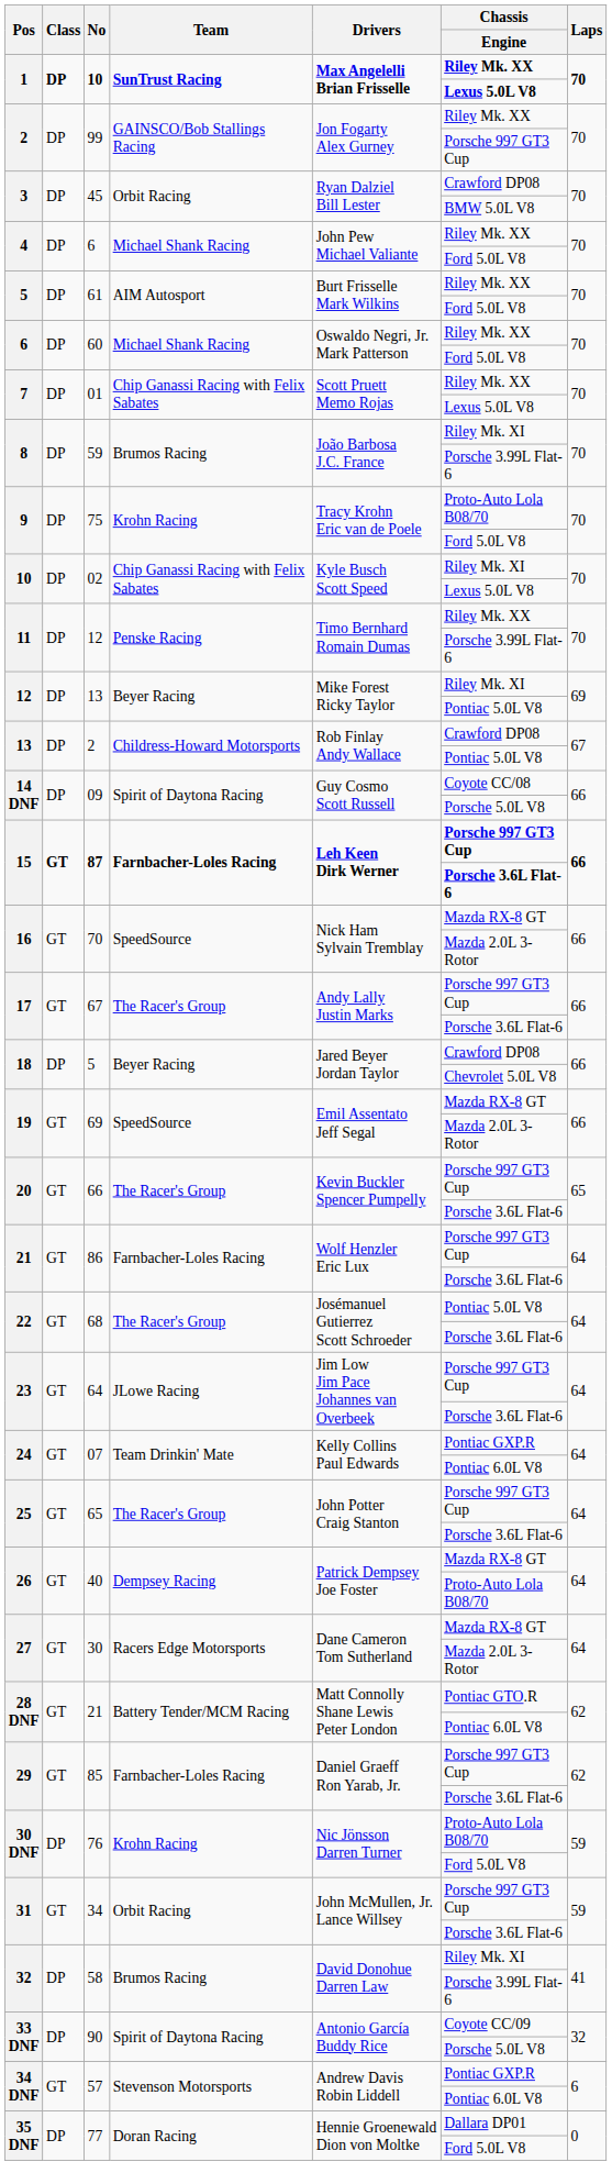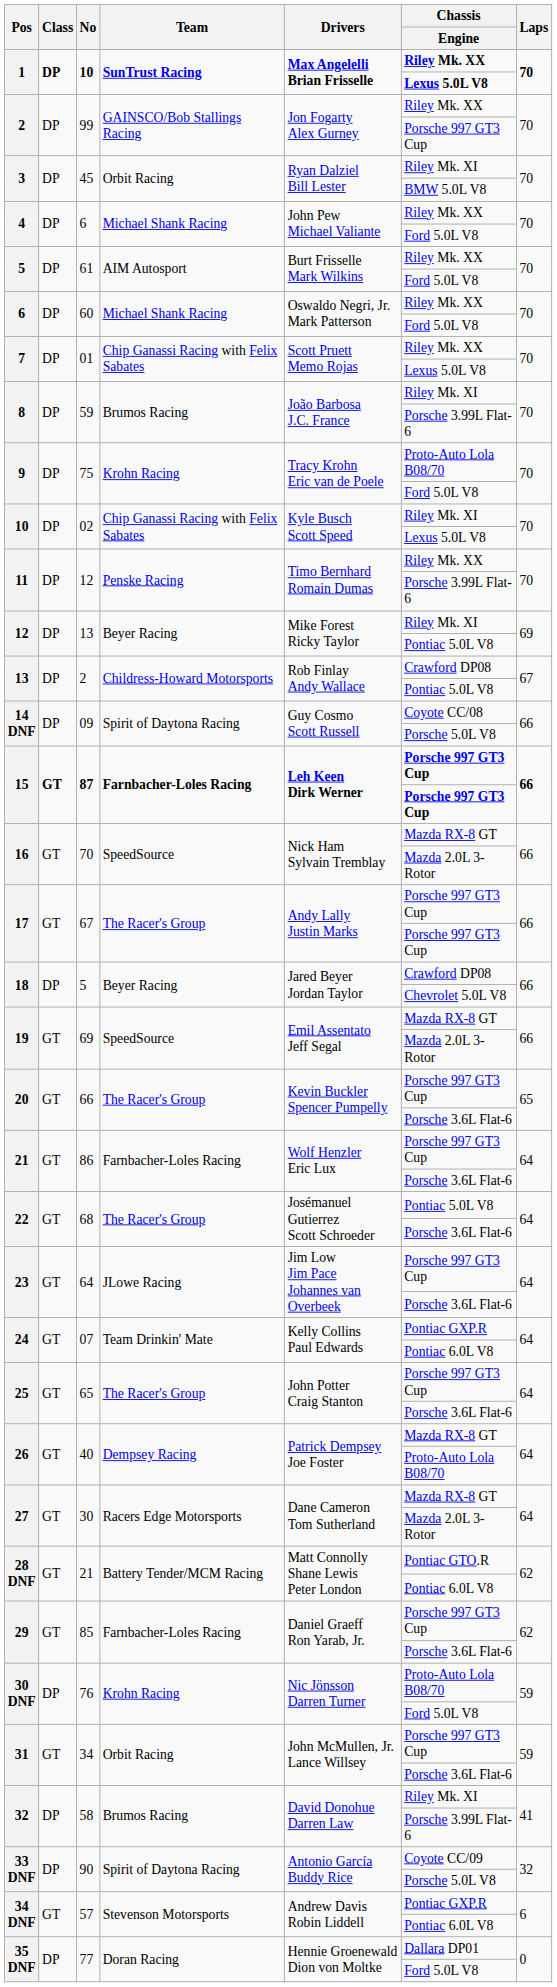 <table class="wikitable" style="font-size: 95%;">
 <tr>
 <th rowspan=2>Pos</th>
 <th rowspan=2>Class</th>
 <th rowspan=2>No</th>
 <th rowspan=2>Team</th>
 <th rowspan=2>Drivers</th>
 <th>Chassis</th>
 <th rowspan=2>Laps</th>
 </tr>
 <tr>
 <th>Engine</th>
 </tr>
 <tr style="font-weight:bold">
 <th rowspan=2>1</th>
 <td rowspan=2>DP</td>
 <td rowspan=2>10</td>
 <td rowspan=2><a href='#'>SunTrust Racing</a></td>
 <td rowspan=2> <a href='#'>Max Angelelli</a><br> Brian Frisselle</td>
 <td><a href='#'>Riley</a> Mk. XX</td>
 <td rowspan=2>70</td>
 </tr>
 <tr style="font-weight:bold">
 <td><a href='#'>Lexus</a> 5.0L V8</td>
 </tr>
 <tr>
 <th rowspan=2>2</th>
 <td rowspan=2>DP</td>
 <td rowspan=2>99</td>
 <td rowspan=2><a href='#'>GAINSCO/Bob Stallings Racing</a></td>
 <td rowspan=2> <a href='#'>Jon Fogarty</a><br> <a href='#'>Alex Gurney</a></td>
 <td><a href='#'>Riley</a> Mk. XX</td>
 <td rowspan=2>70</td>
 </tr>
 <tr>
 <td><a href='#'>Porsche 997 GT3</a> Cup</td>
 </tr>
 <tr>
 <th rowspan=2>3</th>
 <td rowspan=2>DP</td>
 <td rowspan=2>45</td>
 <td rowspan=2>Orbit Racing</td>
 <td rowspan=2> <a href='#'>Ryan Dalziel</a><br> <a href='#'>Bill Lester</a></td>
-<td><a href='#'>Crawford</a> DP08</td>
+<td><a href='#'>Riley</a> Mk. XI</td>
 <td rowspan=2>70</td>
 </tr>
 <tr>
 <td><a href='#'>BMW</a> 5.0L V8</td>
 </tr>
 <tr>
 <th rowspan=2>4</th>
 <td rowspan=2>DP</td>
 <td rowspan=2>6</td>
 <td rowspan=2><a href='#'>Michael Shank Racing</a></td>
 <td rowspan=2> John Pew<br> <a href='#'>Michael Valiante</a></td>
 <td><a href='#'>Riley</a> Mk. XX</td>
 <td rowspan=2>70</td>
 </tr>
 <tr>
 <td><a href='#'>Ford</a> 5.0L V8</td>
 </tr>
 <tr>
 <th rowspan=2>5</th>
 <td rowspan=2>DP</td>
 <td rowspan=2>61</td>
 <td rowspan=2>AIM Autosport</td>
 <td rowspan=2> Burt Frisselle<br> <a href='#'>Mark Wilkins</a></td>
 <td><a href='#'>Riley</a> Mk. XX</td>
 <td rowspan=2>70</td>
 </tr>
 <tr>
 <td><a href='#'>Ford</a> 5.0L V8</td>
 </tr>
 <tr>
 <th rowspan=2>6</th>
 <td rowspan=2>DP</td>
 <td rowspan=2>60</td>
 <td rowspan=2><a href='#'>Michael Shank Racing</a></td>
 <td rowspan=2> Oswaldo Negri, Jr.<br> Mark Patterson</td>
 <td><a href='#'>Riley</a> Mk. XX</td>
 <td rowspan=2>70</td>
 </tr>
 <tr>
 <td><a href='#'>Ford</a> 5.0L V8</td>
 </tr>
 <tr>
 <th rowspan=2>7</th>
 <td rowspan=2>DP</td>
 <td rowspan=2>01</td>
 <td rowspan=2><a href='#'>Chip Ganassi Racing</a> with <a href='#'>Felix Sabates</a></td>
 <td rowspan=2> <a href='#'>Scott Pruett</a><br> <a href='#'>Memo Rojas</a></td>
 <td><a href='#'>Riley</a> Mk. XX</td>
 <td rowspan=2>70</td>
 </tr>
 <tr>
 <td><a href='#'>Lexus</a> 5.0L V8</td>
 </tr>
 <tr>
 <th rowspan=2>8</th>
 <td rowspan=2>DP</td>
 <td rowspan=2>59</td>
 <td rowspan=2>Brumos Racing</td>
 <td rowspan=2> <a href='#'>João Barbosa</a><br> <a href='#'>J.C. France</a></td>
 <td><a href='#'>Riley</a> Mk. XI</td>
 <td rowspan=2>70</td>
 </tr>
 <tr>
 <td><a href='#'>Porsche</a> 3.99L Flat-6</td>
 </tr>
 <tr>
 <th rowspan=2>9</th>
 <td rowspan=2>DP</td>
 <td rowspan=2>75</td>
 <td rowspan=2><a href='#'>Krohn Racing</a></td>
 <td rowspan=2> <a href='#'>Tracy Krohn</a><br> <a href='#'>Eric van de Poele</a></td>
 <td><a href='#'>Proto-Auto Lola B08/70</a></td>
 <td rowspan=2>70</td>
 </tr>
 <tr>
 <td><a href='#'>Ford</a> 5.0L V8</td>
 </tr>
 <tr>
 <th rowspan=2>10</th>
 <td rowspan=2>DP</td>
 <td rowspan=2>02</td>
 <td rowspan=2><a href='#'>Chip Ganassi Racing</a> with <a href='#'>Felix Sabates</a></td>
 <td rowspan=2> <a href='#'>Kyle Busch</a><br> <a href='#'>Scott Speed</a></td>
 <td><a href='#'>Riley</a> Mk. XI</td>
 <td rowspan=2>70</td>
 </tr>
 <tr>
 <td><a href='#'>Lexus</a> 5.0L V8</td>
 </tr>
 <tr>
 <th rowspan=2>11</th>
 <td rowspan=2>DP</td>
 <td rowspan=2>12</td>
 <td rowspan=2><a href='#'>Penske Racing</a></td>
 <td rowspan=2> <a href='#'>Timo Bernhard</a><br> <a href='#'>Romain Dumas</a></td>
 <td><a href='#'>Riley</a> Mk. XX</td>
 <td rowspan=2>70</td>
 </tr>
 <tr>
 <td><a href='#'>Porsche</a> 3.99L Flat-6</td>
 </tr>
 <tr>
 <th rowspan=2>12</th>
 <td rowspan=2>DP</td>
 <td rowspan=2>13</td>
 <td rowspan=2>Beyer Racing</td>
 <td rowspan=2> Mike Forest<br> Ricky Taylor</td>
 <td><a href='#'>Riley</a> Mk. XI</td>
 <td rowspan=2>69</td>
 </tr>
 <tr>
 <td><a href='#'>Pontiac</a> 5.0L V8</td>
 </tr>
 <tr>
 <th rowspan=2>13</th>
 <td rowspan=2>DP</td>
 <td rowspan=2>2</td>
 <td rowspan=2><a href='#'>Childress-Howard Motorsports</a></td>
 <td rowspan=2> Rob Finlay<br> <a href='#'>Andy Wallace</a></td>
 <td><a href='#'>Crawford</a> DP08</td>
 <td rowspan=2>67</td>
 </tr>
 <tr>
 <td><a href='#'>Pontiac</a> 5.0L V8</td>
 </tr>
 <tr>
 <th rowspan=2>14<br>DNF</th>
 <td rowspan=2>DP</td>
 <td rowspan=2>09</td>
 <td rowspan=2>Spirit of Daytona Racing</td>
 <td rowspan=2> Guy Cosmo<br> <a href='#'>Scott Russell</a></td>
 <td><a href='#'>Coyote</a> CC/08</td>
 <td rowspan=2>66</td>
 </tr>
 <tr>
 <td><a href='#'>Porsche</a> 5.0L V8</td>
 </tr>
 <tr style="font-weight:bold">
 <th rowspan=2>15</th>
 <td rowspan=2>GT</td>
 <td rowspan=2>87</td>
 <td rowspan=2>Farnbacher-Loles Racing</td>
 <td rowspan=2> <a href='#'>Leh Keen</a><br> Dirk Werner</td>
 <td><a href='#'>Porsche 997 GT3</a> Cup</td>
 <td rowspan=2>66</td>
 </tr>
 <tr style="font-weight:bold">
-<td><a href='#'>Porsche</a> 3.6L Flat-6</td>
+<td><a href='#'>Porsche 997 GT3</a> Cup</td>
 </tr>
 <tr>
 <th rowspan=2>16</th>
 <td rowspan=2>GT</td>
 <td rowspan=2>70</td>
 <td rowspan=2>SpeedSource</td>
 <td rowspan=2> Nick Ham<br> Sylvain Tremblay</td>
 <td><a href='#'>Mazda RX-8</a> GT</td>
 <td rowspan=2>66</td>
 </tr>
 <tr>
 <td><a href='#'>Mazda</a> 2.0L 3-Rotor</td>
 </tr>
 <tr>
 <th rowspan=2>17</th>
 <td rowspan=2>GT</td>
 <td rowspan=2>67</td>
 <td rowspan=2><a href='#'>The Racer's Group</a></td>
 <td rowspan=2> <a href='#'>Andy Lally</a><br> <a href='#'>Justin Marks</a></td>
 <td><a href='#'>Porsche 997 GT3</a> Cup</td>
 <td rowspan=2>66</td>
 </tr>
 <tr>
-<td><a href='#'>Porsche</a> 3.6L Flat-6</td>
+<td><a href='#'>Porsche 997 GT3</a> Cup</td>
 </tr>
 <tr>
 <th rowspan=2>18</th>
 <td rowspan=2>DP</td>
 <td rowspan=2>5</td>
 <td rowspan=2>Beyer Racing</td>
 <td rowspan=2> Jared Beyer<br> Jordan Taylor</td>
 <td><a href='#'>Crawford</a> DP08</td>
 <td rowspan=2>66</td>
 </tr>
 <tr>
 <td><a href='#'>Chevrolet</a> 5.0L V8</td>
 </tr>
 <tr>
 <th rowspan=2>19</th>
 <td rowspan=2>GT</td>
 <td rowspan=2>69</td>
 <td rowspan=2>SpeedSource</td>
 <td rowspan=2> <a href='#'>Emil Assentato</a><br> Jeff Segal</td>
 <td><a href='#'>Mazda RX-8</a> GT</td>
 <td rowspan=2>66</td>
 </tr>
 <tr>
 <td><a href='#'>Mazda</a> 2.0L 3-Rotor</td>
 </tr>
 <tr>
 <th rowspan=2>20</th>
 <td rowspan=2>GT</td>
 <td rowspan=2>66</td>
 <td rowspan=2><a href='#'>The Racer's Group</a></td>
 <td rowspan=2> <a href='#'>Kevin Buckler</a><br> <a href='#'>Spencer Pumpelly</a></td>
 <td><a href='#'>Porsche 997 GT3</a> Cup</td>
 <td rowspan=2>65</td>
 </tr>
 <tr>
 <td><a href='#'>Porsche</a> 3.6L Flat-6</td>
 </tr>
 <tr>
 <th rowspan=2>21</th>
 <td rowspan=2>GT</td>
 <td rowspan=2>86</td>
 <td rowspan=2>Farnbacher-Loles Racing</td>
 <td rowspan=2> <a href='#'>Wolf Henzler</a><br> Eric Lux</td>
 <td><a href='#'>Porsche 997 GT3</a> Cup</td>
 <td rowspan=2>64</td>
 </tr>
 <tr>
 <td><a href='#'>Porsche</a> 3.6L Flat-6</td>
 </tr>
 <tr>
 <th rowspan=2>22</th>
 <td rowspan=2>GT</td>
 <td rowspan=2>68</td>
 <td rowspan=2><a href='#'>The Racer's Group</a></td>
 <td rowspan=2> Josémanuel Gutierrez<br> Scott Schroeder</td>
 <td><a href='#'>Pontiac</a> 5.0L V8</td>
 <td rowspan=2>64</td>
 </tr>
 <tr>
 <td><a href='#'>Porsche</a> 3.6L Flat-6</td>
 </tr>
 <tr>
 <th rowspan=2>23</th>
 <td rowspan=2>GT</td>
 <td rowspan=2>64</td>
 <td rowspan=2>JLowe Racing</td>
 <td rowspan=2> Jim Low<br> <a href='#'>Jim Pace</a><br> <a href='#'>Johannes van Overbeek</a></td>
 <td><a href='#'>Porsche 997 GT3</a> Cup</td>
 <td rowspan=2>64</td>
 </tr>
 <tr>
 <td><a href='#'>Porsche</a> 3.6L Flat-6</td>
 </tr>
 <tr>
 <th rowspan=2>24</th>
 <td rowspan=2>GT</td>
 <td rowspan=2>07</td>
 <td rowspan=2>Team Drinkin' Mate</td>
 <td rowspan=2> Kelly Collins<br> Paul Edwards</td>
 <td><a href='#'>Pontiac GXP.R</a></td>
 <td rowspan=2>64</td>
 </tr>
 <tr>
 <td><a href='#'>Pontiac</a> 6.0L V8</td>
 </tr>
 <tr>
 <th rowspan=2>25</th>
 <td rowspan=2>GT</td>
 <td rowspan=2>65</td>
 <td rowspan=2><a href='#'>The Racer's Group</a></td>
 <td rowspan=2> John Potter<br> Craig Stanton</td>
 <td><a href='#'>Porsche 997 GT3</a> Cup</td>
 <td rowspan=2>64</td>
 </tr>
 <tr>
 <td><a href='#'>Porsche</a> 3.6L Flat-6</td>
 </tr>
 <tr>
 <th rowspan=2>26</th>
 <td rowspan=2>GT</td>
 <td rowspan=2>40</td>
 <td rowspan=2><a href='#'>Dempsey Racing</a></td>
 <td rowspan=2> <a href='#'>Patrick Dempsey</a><br> Joe Foster</td>
 <td><a href='#'>Mazda RX-8</a> GT</td>
 <td rowspan=2>64</td>
 </tr>
 <tr>
 <td><a href='#'>Proto-Auto Lola B08/70</a></td>
 </tr>
 <tr>
 <th rowspan=2>27</th>
 <td rowspan=2>GT</td>
 <td rowspan=2>30</td>
 <td rowspan=2>Racers Edge Motorsports</td>
 <td rowspan=2> Dane Cameron<br> Tom Sutherland</td>
 <td><a href='#'>Mazda RX-8</a> GT</td>
 <td rowspan=2>64</td>
 </tr>
 <tr>
 <td><a href='#'>Mazda</a> 2.0L 3-Rotor</td>
 </tr>
 <tr>
 <th rowspan=2>28<br>DNF</th>
 <td rowspan=2>GT</td>
 <td rowspan=2>21</td>
 <td rowspan=2>Battery Tender/MCM Racing</td>
 <td rowspan=2> Matt Connolly<br> Shane Lewis<br> Peter London</td>
 <td><a href='#'>Pontiac GTO</a>.R</td>
 <td rowspan=2>62</td>
 </tr>
 <tr>
 <td><a href='#'>Pontiac</a> 6.0L V8</td>
 </tr>
 <tr>
 <th rowspan=2>29</th>
 <td rowspan=2>GT</td>
 <td rowspan=2>85</td>
 <td rowspan=2>Farnbacher-Loles Racing</td>
 <td rowspan=2> Daniel Graeff<br> Ron Yarab, Jr.</td>
 <td><a href='#'>Porsche 997 GT3</a> Cup</td>
 <td rowspan=2>62</td>
 </tr>
 <tr>
 <td><a href='#'>Porsche</a> 3.6L Flat-6</td>
 </tr>
 <tr>
 <th rowspan=2>30<br>DNF</th>
 <td rowspan=2>DP</td>
 <td rowspan=2>76</td>
 <td rowspan=2><a href='#'>Krohn Racing</a></td>
 <td rowspan=2> <a href='#'>Nic Jönsson</a><br> <a href='#'>Darren Turner</a></td>
 <td><a href='#'>Proto-Auto Lola B08/70</a></td>
 <td rowspan=2>59</td>
 </tr>
 <tr>
 <td><a href='#'>Ford</a> 5.0L V8</td>
 </tr>
 <tr>
 <th rowspan=2>31</th>
 <td rowspan=2>GT</td>
 <td rowspan=2>34</td>
 <td rowspan=2>Orbit Racing</td>
 <td rowspan=2> John McMullen, Jr.<br> Lance Willsey</td>
 <td><a href='#'>Porsche 997 GT3</a> Cup</td>
 <td rowspan=2>59</td>
 </tr>
 <tr>
 <td><a href='#'>Porsche</a> 3.6L Flat-6</td>
 </tr>
 <tr>
 <th rowspan=2>32</th>
 <td rowspan=2>DP</td>
 <td rowspan=2>58</td>
 <td rowspan=2>Brumos Racing</td>
 <td rowspan=2> <a href='#'>David Donohue</a><br> <a href='#'>Darren Law</a></td>
 <td><a href='#'>Riley</a> Mk. XI</td>
 <td rowspan=2>41</td>
 </tr>
 <tr>
 <td><a href='#'>Porsche</a> 3.99L Flat-6</td>
 </tr>
 <tr>
 <th rowspan=2>33<br>DNF</th>
 <td rowspan=2>DP</td>
 <td rowspan=2>90</td>
 <td rowspan=2>Spirit of Daytona Racing</td>
 <td rowspan=2> <a href='#'>Antonio García</a><br> <a href='#'>Buddy Rice</a></td>
 <td><a href='#'>Coyote</a> CC/09</td>
 <td rowspan=2>32</td>
 </tr>
 <tr>
 <td><a href='#'>Porsche</a> 5.0L V8</td>
 </tr>
 <tr>
 <th rowspan=2>34<br>DNF</th>
 <td rowspan=2>GT</td>
 <td rowspan=2>57</td>
 <td rowspan=2>Stevenson Motorsports</td>
 <td rowspan=2> Andrew Davis<br> Robin Liddell</td>
 <td><a href='#'>Pontiac GXP.R</a></td>
 <td rowspan=2>6</td>
 </tr>
 <tr>
 <td><a href='#'>Pontiac</a> 6.0L V8</td>
 </tr>
 <tr>
 <th rowspan=2>35<br>DNF</th>
 <td rowspan=2>DP</td>
 <td rowspan=2>77</td>
 <td rowspan=2>Doran Racing</td>
 <td rowspan=2> Hennie Groenewald<br> Dion von Moltke</td>
 <td><a href='#'>Dallara</a> DP01</td>
 <td rowspan=2>0</td>
 </tr>
 <tr>
 <td><a href='#'>Ford</a> 5.0L V8</td>
 </tr>
 </table>
